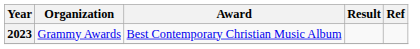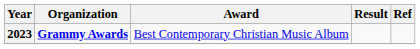 <table class="wikitable plainrowheaders">
 <tr>
 <th>Year</th>
 <th>Organization</th>
 <th>Award</th>
 <th>Result</th>
 <th>Ref</th>
 </tr>
 <tr>
 <th scope="row">2023</th>
-<td><a href='#'>Grammy Awards</a></td>
+<td><strong><a href='#'>Grammy Awards</a></strong></td>
 <td><a href='#'>Best Contemporary Christian Music Album</a></td>
 <td></td>
 <td></td>
 </tr>
 <tr>
 </tr>
 </table>
